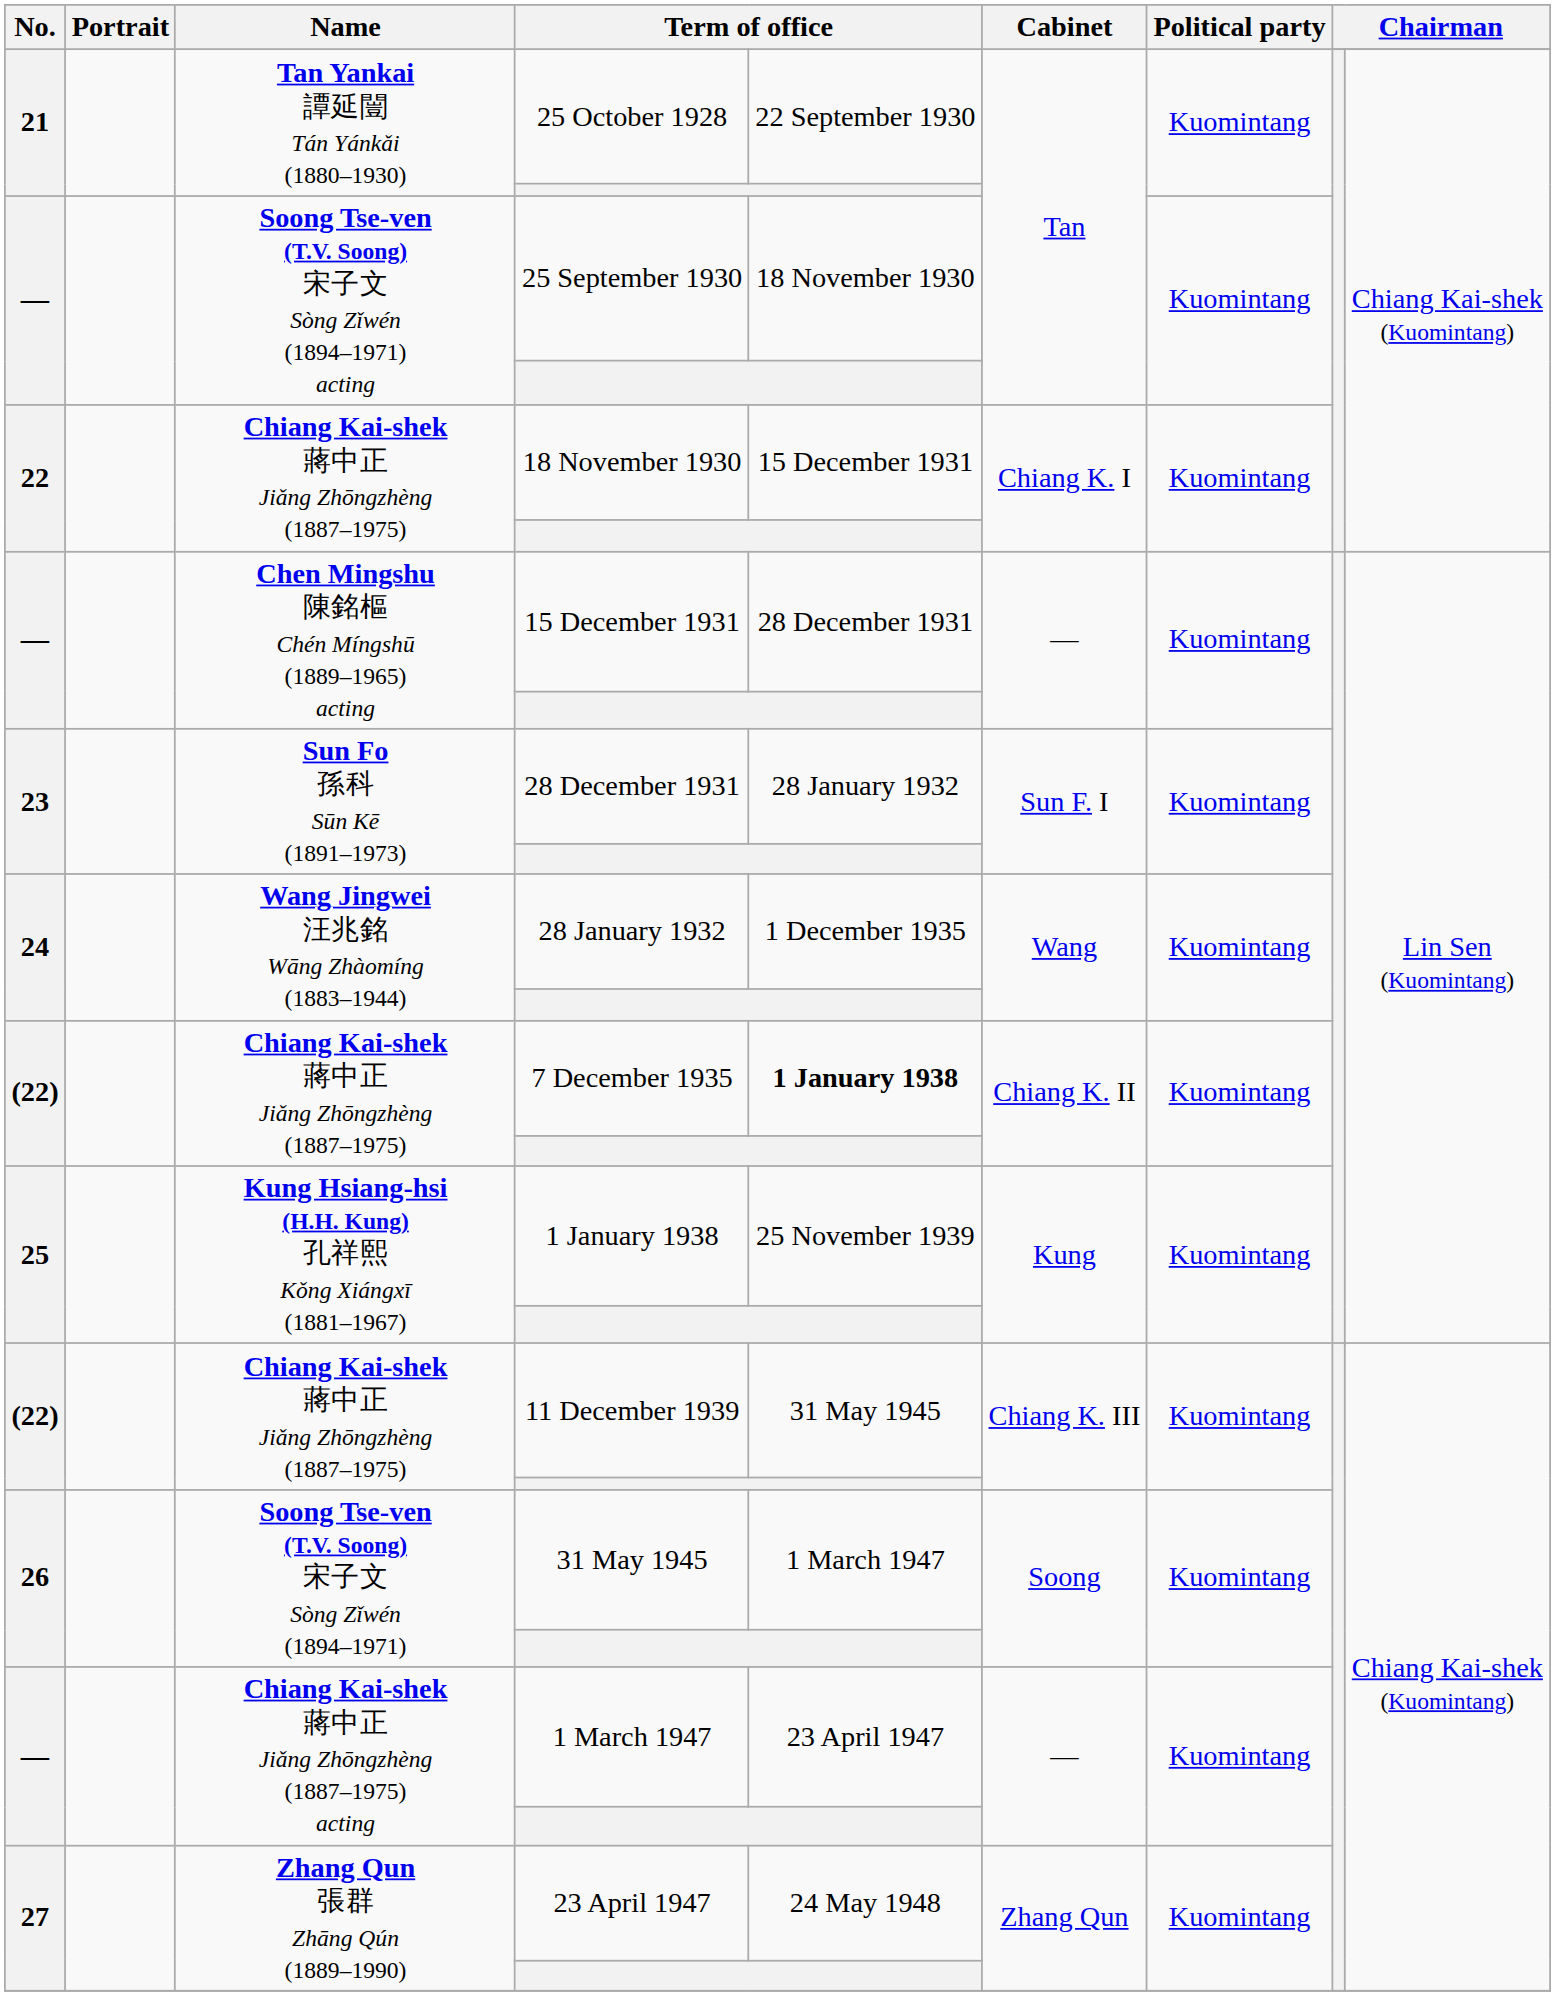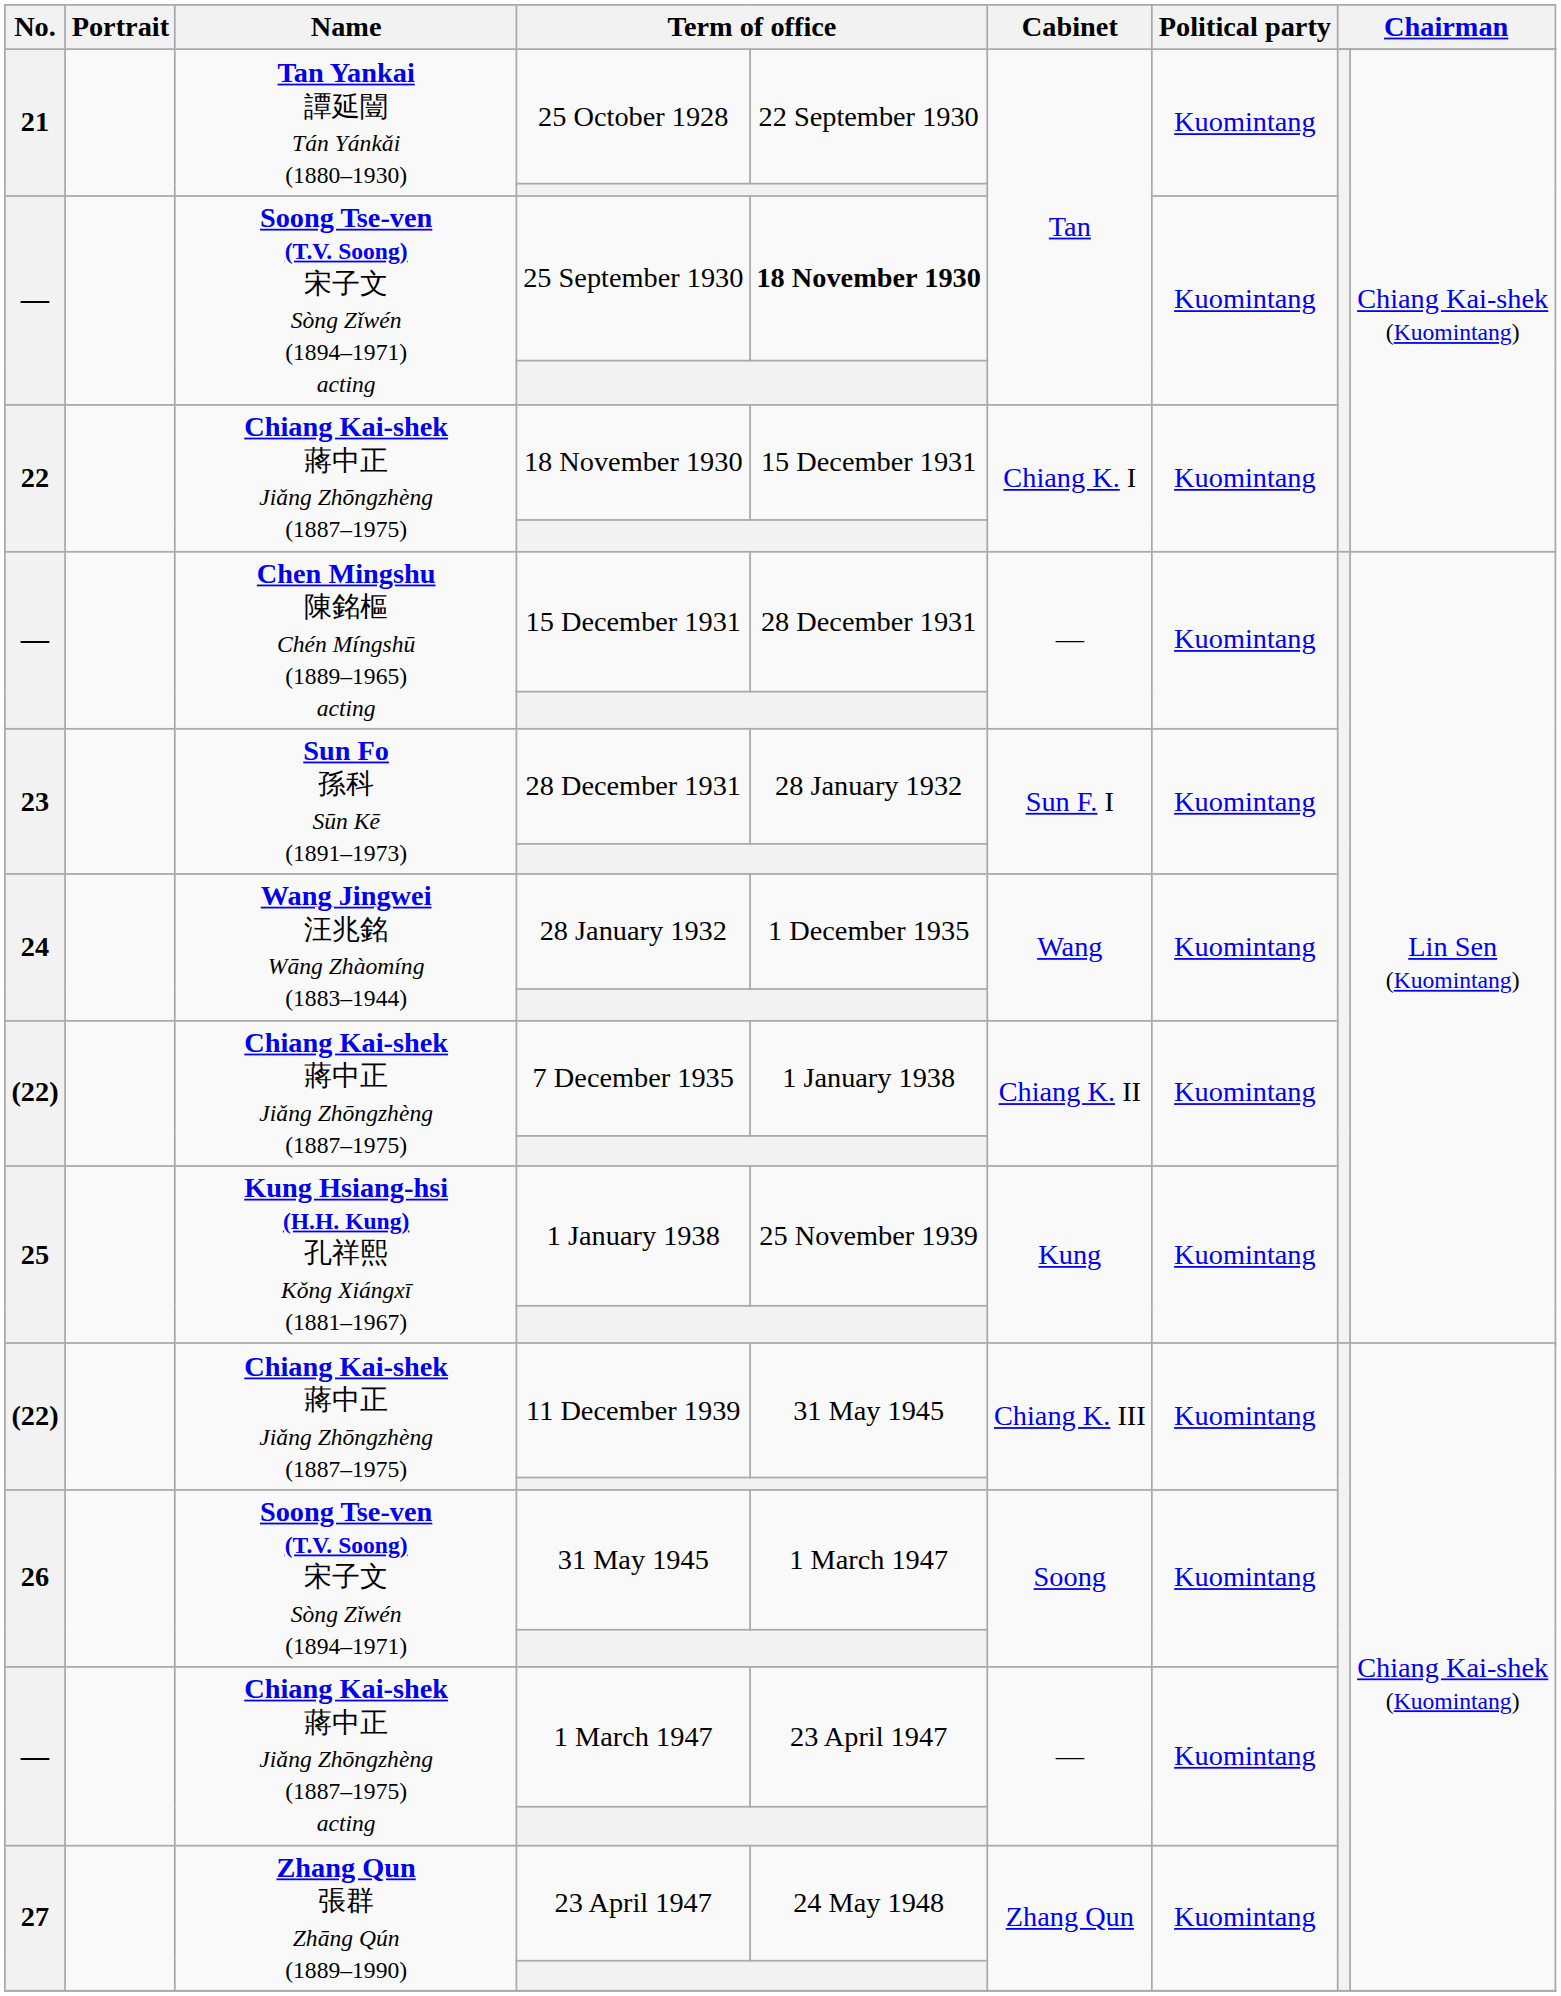 <table class="wikitable" style="text-align:center">
 <tr>
 <th>No.</th>
 <th>Portrait</th>
 <th width=22%>Name<br></th>
 <th colspan=2>Term of office<br></th>
 <th>Cabinet</th>
 <th>Political party</th>
 <th colspan=2><a href='#'>Chairman</a></th>
 </tr>
 <tr>
 <th rowspan=3 style="background:">21</th>
 <td rowspan=3></td>
 <td rowspan=3 align=center><strong><a href='#'>Tan Yankai</a></strong><br><span>譚延闓</span><br><small><em>Tán Yánkǎi</em><br>(1880–1930)</small></td>
 <td rowspan=2>25 October 1928</td>
 <td rowspan=2>22 September 1930</td>
 <td rowspan=5><a href='#'>Tan</a></td>
 <td rowspan=3><a href='#'>Kuomintang</a></td>
 </tr>
 <tr>
 <th rowspan=6 style="background:"></th>
 <td rowspan=6><br><a href='#'>Chiang Kai-shek</a><br><small>(<a href='#'>Kuomintang</a>)</small></td>
 </tr>
 <tr>
 <th colspan=2 style="font-size:90%; font-weight:normal"></th>
 </tr>
 <tr>
 <th rowspan=2 style="background:">—</th>
 <td rowspan=2></td>
 <td rowspan=2 align=center><strong><a href='#'>Soong Tse-ven<br><small>(T.V. Soong)</small></a></strong><br><span>宋子文</span><br><small><em>Sòng Zǐwén</em><br>(1894–1971)<br><em>acting</em></small></td>
 <td>25 September 1930</td>
-<td>18 November 1930</td>
+<td><strong>18 November 1930</strong></td>
 <td rowspan=2><a href='#'>Kuomintang</a></td>
 </tr>
 <tr>
 <th colspan=2 style="font-size:90%; font-weight:normal"></th>
 </tr>
 <tr>
 <th rowspan=2 style="background:">22</th>
 <td rowspan=2></td>
 <td rowspan=2 align=center><strong><a href='#'>Chiang Kai-shek</a></strong><br><span>蔣中正</span><br><small><em>Jiǎng Zhōngzhèng</em><br>(1887–1975)</small></td>
 <td>18 November 1930</td>
 <td>15 December 1931</td>
 <td rowspan=2><a href='#'>Chiang K.</a> I</td>
 <td rowspan=2><a href='#'>Kuomintang</a></td>
 </tr>
 <tr>
 <th colspan=2 style="font-size:90%; font-weight:normal"></th>
 </tr>
 <tr>
 <th rowspan=2 style="background:">—</th>
 <td rowspan=2></td>
 <td rowspan=2 align=center><strong><a href='#'>Chen Mingshu</a></strong><br><span>陳銘樞</span><br><small><em>Chén Míngshū</em><br>(1889–1965)<br><em>acting</em></small></td>
 <td>15 December 1931</td>
 <td>28 December 1931</td>
 <td rowspan=2>—</td>
 <td rowspan=2><a href='#'>Kuomintang</a></td>
 <th rowspan=11 style="background:"></th>
 <td rowspan=11><br><a href='#'>Lin Sen</a><br><small>(<a href='#'>Kuomintang</a>)</small></td>
 </tr>
 <tr>
 <th colspan=2 style="font-size:90%; font-weight:normal"></th>
 </tr>
 <tr>
 <th rowspan=2 style="background:">23</th>
 <td rowspan=2></td>
 <td rowspan=2 align=center><strong><a href='#'>Sun Fo</a></strong><br><span>孫科</span><br><small><em>Sūn Kē</em><br>(1891–1973)</small></td>
 <td>28 December 1931</td>
 <td>28 January 1932</td>
 <td rowspan=2><a href='#'>Sun F.</a> I</td>
 <td rowspan=2><a href='#'>Kuomintang</a></td>
 </tr>
 <tr>
 <th colspan=2 style="font-size:90%; font-weight:normal"></th>
 </tr>
 <tr>
 <th rowspan=2 style="background:">24</th>
 <td rowspan=2></td>
 <td rowspan=2 align=center><strong><a href='#'>Wang Jingwei</a></strong><br><span>汪兆銘</span><br><small><em>Wāng Zhàomíng</em><br>(1883–1944)</small></td>
 <td>28 January 1932</td>
 <td>1 December 1935</td>
 <td rowspan=2><a href='#'>Wang</a></td>
 <td rowspan=2><a href='#'>Kuomintang</a></td>
 </tr>
 <tr>
 <th colspan=2 style="font-size:90%; font-weight:normal"></th>
 </tr>
 <tr>
 <th rowspan=2 style="background:">(22)</th>
 <td rowspan=2></td>
 <td rowspan=2 align=center><strong><a href='#'>Chiang Kai-shek</a></strong><br><span>蔣中正</span><br><small><em>Jiǎng Zhōngzhèng</em><br>(1887–1975)</small></td>
 <td>7 December 1935</td>
-<td><strong>1 January 1938</strong></td>
+<td>1 January 1938</td>
 <td rowspan=2><a href='#'>Chiang K.</a> II</td>
 <td rowspan=2><a href='#'>Kuomintang</a></td>
 </tr>
 <tr>
 <th colspan=2 style="font-size:90%; font-weight:normal"></th>
 </tr>
 <tr>
 <th rowspan=2 style="background:">25</th>
 <td rowspan=2></td>
 <td rowspan=2 align=center><strong><a href='#'>Kung Hsiang-hsi<br><small>(H.H. Kung)</small></a></strong><br><span>孔祥熙</span><br><small><em>Kǒng Xiángxī</em><br>(1881–1967)</small></td>
 <td>1 January 1938</td>
 <td>25 November 1939</td>
 <td rowspan=2><a href='#'>Kung</a></td>
 <td rowspan=2><a href='#'>Kuomintang</a></td>
 </tr>
 <tr>
 <th colspan=2 style="font-size:90%; font-weight:normal"></th>
 </tr>
 <tr>
 <th rowspan=3 style="background:">(22)</th>
 <td rowspan=3></td>
 <td rowspan=3 align=center><strong><a href='#'>Chiang Kai-shek</a></strong><br><span>蔣中正</span><br><small><em>Jiǎng Zhōngzhèng</em><br>(1887–1975)</small></td>
 <td rowspan=2>11 December 1939</td>
 <td rowspan=2>31 May 1945</td>
 <td rowspan=3><a href='#'>Chiang K.</a> III</td>
 <td rowspan=3><a href='#'>Kuomintang</a></td>
 </tr>
 <tr>
 <th rowspan=8 style="background:"></th>
 <td rowspan=8><br><a href='#'>Chiang Kai-shek</a><br><small>(<a href='#'>Kuomintang</a>)</small></td>
 </tr>
 <tr>
 <th colspan=2 style="font-size:90%; font-weight:normal"></th>
 </tr>
 <tr>
 <th rowspan=2 style="background:">26</th>
 <td rowspan=2></td>
 <td rowspan=2 align=center><strong><a href='#'>Soong Tse-ven<br><small>(T.V. Soong)</small></a></strong><br><span>宋子文</span><br><small><em>Sòng Zǐwén</em><br>(1894–1971)</small></td>
 <td>31 May 1945</td>
 <td>1 March 1947</td>
 <td rowspan=2><a href='#'>Soong</a></td>
 <td rowspan=2><a href='#'>Kuomintang</a></td>
 </tr>
 <tr>
 <th colspan=2 style="font-size:90%; font-weight:normal"></th>
 </tr>
 <tr>
 <th rowspan=2 style="background:">—</th>
 <td rowspan=2></td>
 <td rowspan=2 align=center><strong><a href='#'>Chiang Kai-shek</a></strong><br><span>蔣中正</span><br><small><em>Jiǎng Zhōngzhèng</em><br>(1887–1975)<br><em>acting</em></small></td>
 <td>1 March 1947</td>
 <td>23 April 1947</td>
 <td rowspan=2>—</td>
 <td rowspan=2><a href='#'>Kuomintang</a></td>
 </tr>
 <tr>
 <th colspan=2 style="font-size:90%; font-weight:normal"></th>
 </tr>
 <tr>
 <th rowspan=2 style="background:">27</th>
 <td rowspan=2></td>
 <td rowspan=2 align=center><strong><a href='#'>Zhang Qun</a></strong><br><span>張群</span><br><small><em>Zhāng Qún</em><br>(1889–1990)</small></td>
 <td>23 April 1947</td>
 <td>24 May 1948</td>
 <td rowspan=2><a href='#'>Zhang Qun</a></td>
 <td rowspan=2><a href='#'>Kuomintang</a></td>
 </tr>
 <tr>
 <th colspan=2 style="font-size:90%; font-weight:normal"></th>
 </tr>
 <tr>
 </tr>
 </table>
